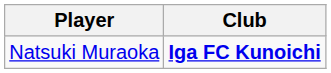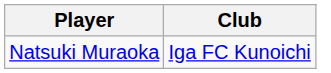 <table class="wikitable">
 <tr>
 <th>Player</th>
 <th>Club</th>
 </tr>
 <tr>
 <td> <a href='#'>Natsuki Muraoka</a></td>
-<td><strong><a href='#'>Iga FC Kunoichi</a></strong></td>
+<td><a href='#'>Iga FC Kunoichi</a></td>
 </tr>
 </table>
